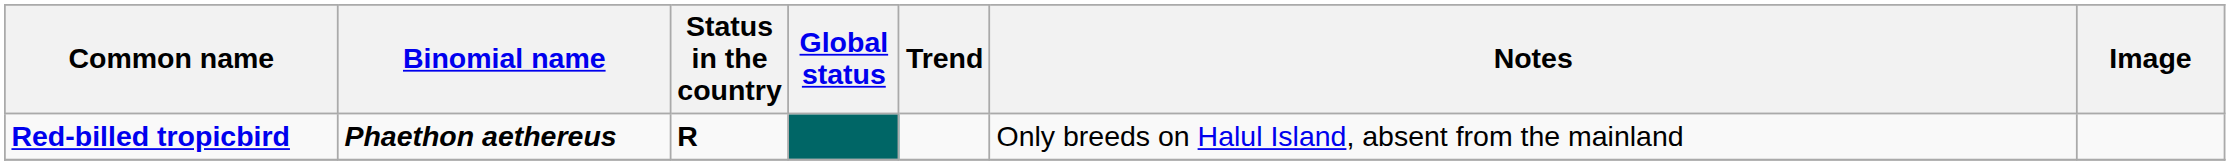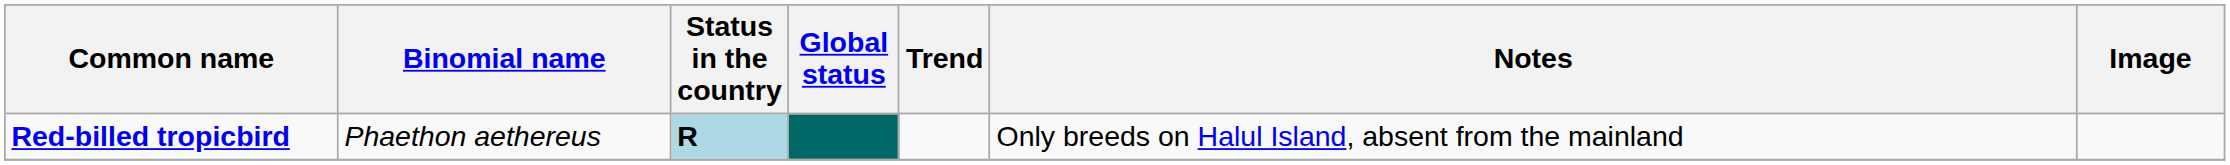 <table class="wikitable sortable">
 <tr>
 <th width="15%">Common name</th>
 <th width="15%"><a href='#'>Binomial name</a></th>
 <th width="1%">Status in the country</th>
 <th width="5%"><a href='#'>Global status</a></th>
 <th width="1%">Trend</th>
 <th class="unsortable">Notes</th>
 <th class="unsortable">Image</th>
 </tr>
 <tr>
 <td><strong><a href='#'>Red-billed tropicbird</a></strong></td>
-<td><strong><em>Phaethon aethereus</em></strong></td>
-<td><strong>R</strong></td>
+<td><em>Phaethon aethereus</em></td>
+<td style="background: lightblue;"><strong>R</strong></td>
 <td align=center style="background: #006666"></td>
 <td align=center></td>
 <td>Only breeds on <a href='#'>Halul Island</a>, absent from the mainland</td>
 <td></td>
 </tr>
 <tr>
 </tr>
 </table>
